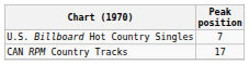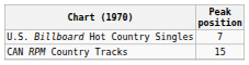 <table class="wikitable sortable">
 <tr>
 <th align="left">Chart (1970)</th>
 <th align="center">Peak<br>position</th>
 </tr>
 <tr>
 <td align="left">U.S. <em>Billboard</em> Hot Country Singles</td>
 <td align="center">7</td>
 </tr>
 <tr>
 <td align="left">CAN <em>RPM</em> Country Tracks</td>
-<td align="center">17</td>
+<td align="center">15</td>
 </tr>
 <tr>
 </tr>
 </table>
